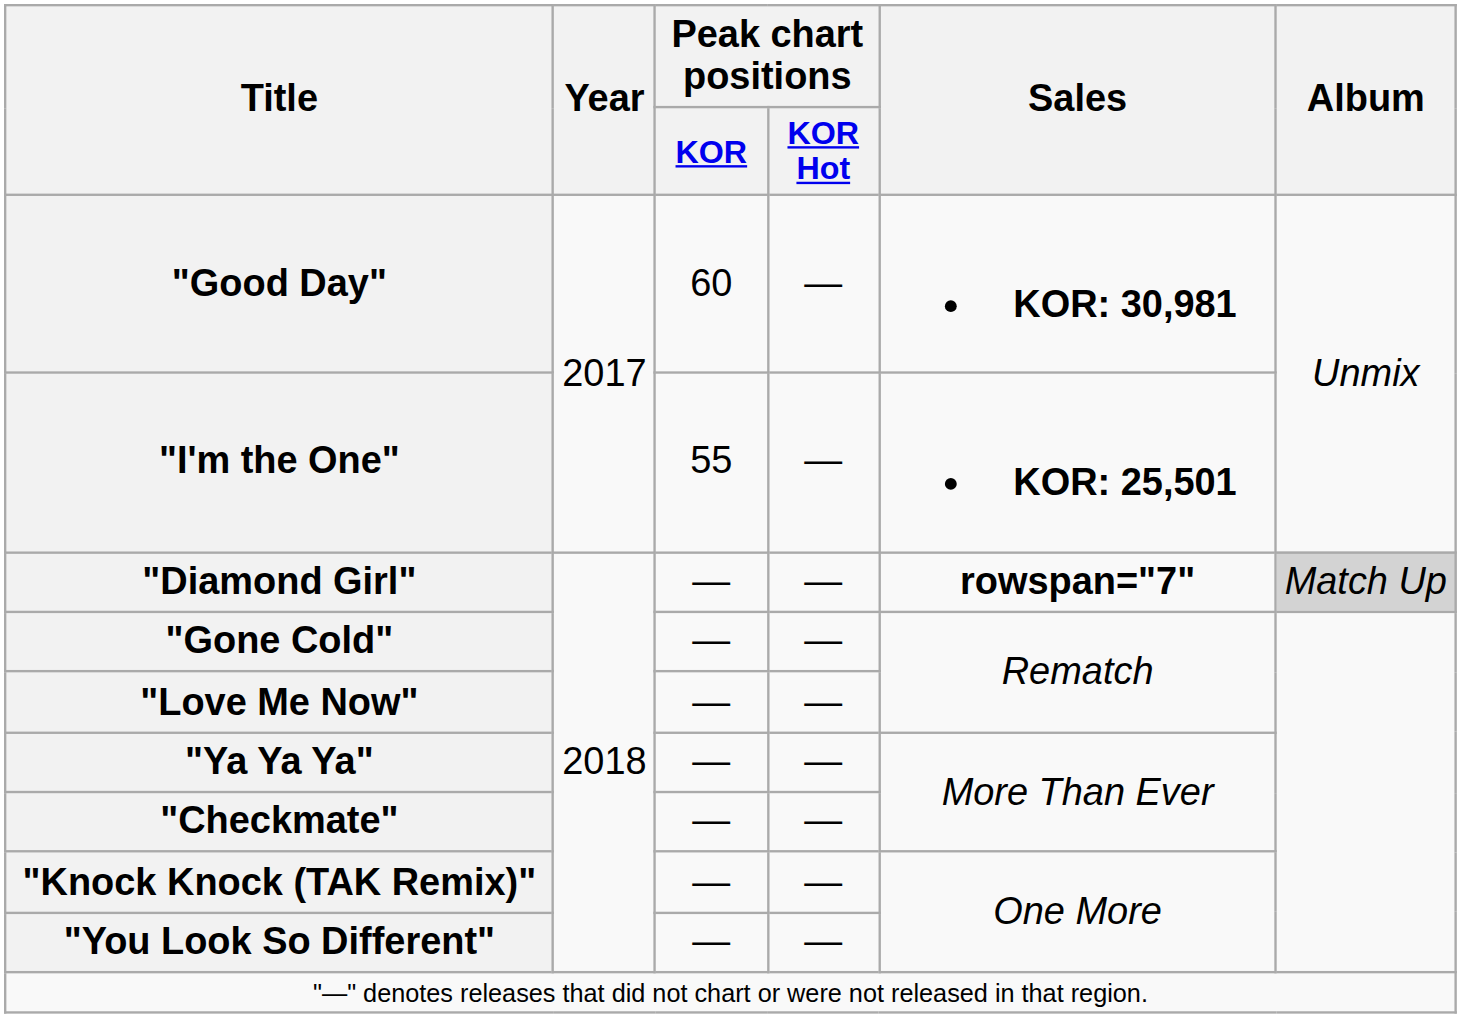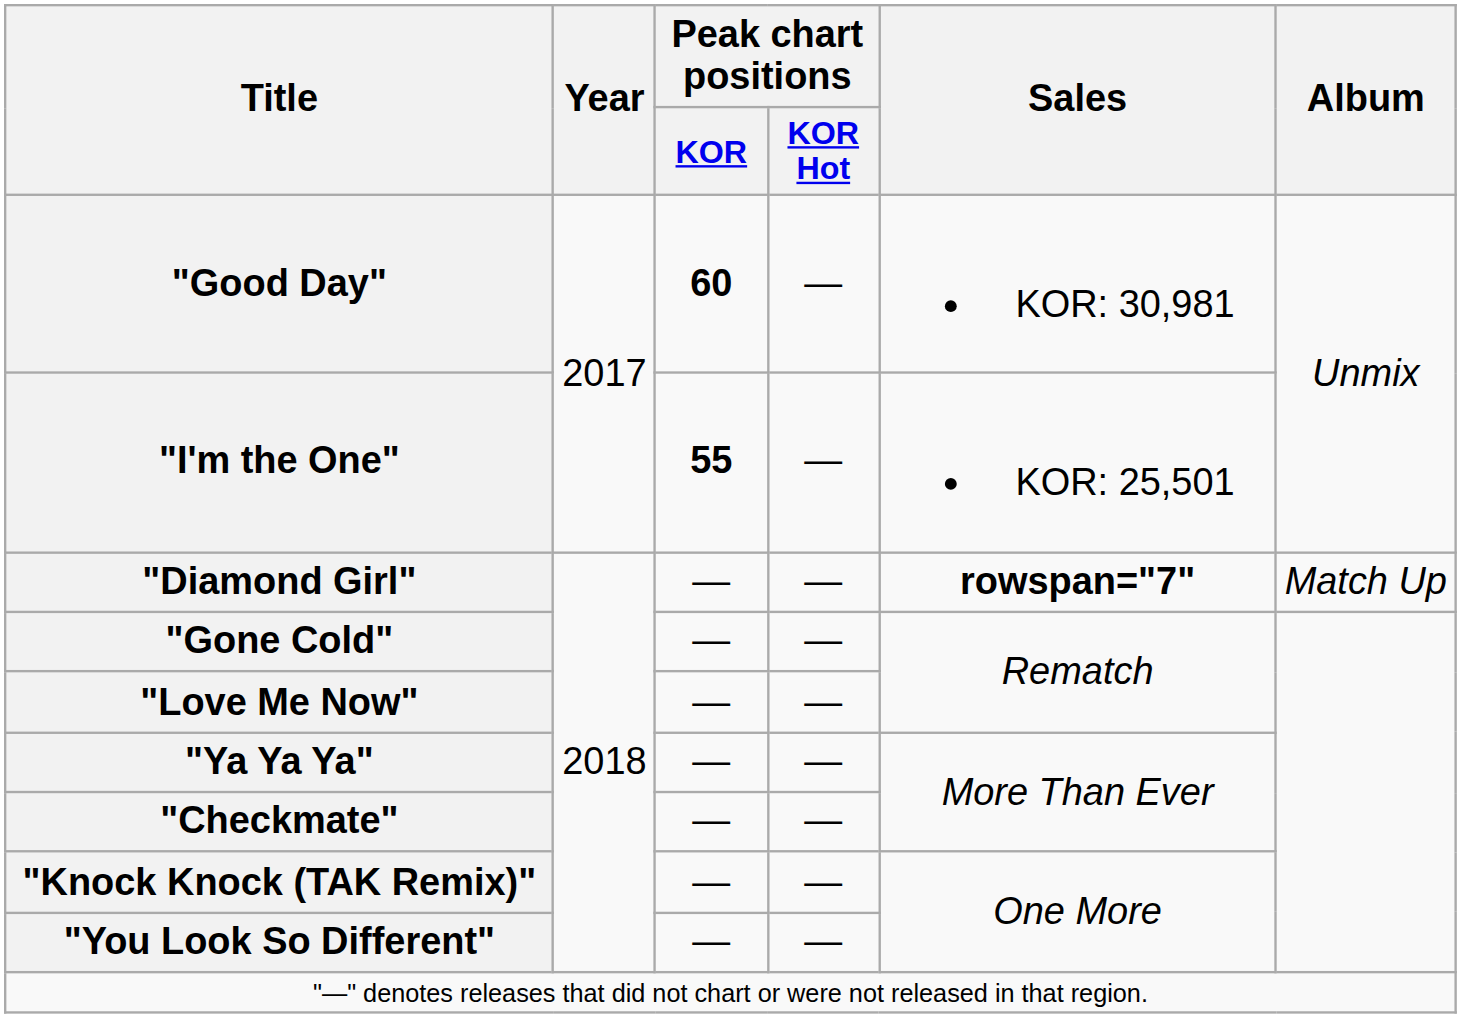 <table class="wikitable plainrowheaders" style="text-align:center;">
 <tr>
 <th scope="col" rowspan="2" style="width:14em;">Title</th>
 <th scope="col" rowspan="2">Year</th>
 <th scope="col" colspan="2">Peak chart positions</th>
 <th scope="col" rowspan="2" style="width:10em;">Sales</th>
 <th scope="col" rowspan="2">Album</th>
 </tr>
 <tr>
 <th scope="col" style="width:3em;font-size:85%;"><a href='#'>KOR</a><br></th>
 <th scope="col" style="width:3em;font-size:85%;"><a href='#'>KOR Hot</a></th>
 </tr>
 <tr>
 <th scope="row">"Good Day"</th>
 <td rowspan="2">2017</td>
-<td>60</td>
+<td><strong>60</strong></td>
 <td>—</td>
-<td><strong><br><ul><li>KOR: 30,981</li></ul></strong></td>
+<td><br><ul><li>KOR: 30,981</li></ul></td>
 <td rowspan="2"><em>Unmix</em></td>
 </tr>
 <tr>
 <th scope="row">"I'm the One"</th>
-<td>55</td>
+<td><strong>55</strong></td>
 <td>—</td>
-<td><strong><br><ul><li>KOR: 25,501</li></ul></strong></td>
+<td><br><ul><li>KOR: 25,501</li></ul></td>
 </tr>
 <tr>
 <th scope="row">"Diamond Girl"</th>
 <td rowspan="7">2018</td>
 <td>—</td>
 <td>—</td>
 <td><strong>rowspan="7" </strong></td>
-<td style="background: lightgrey;"><em>Match Up</em></td>
+<td><em>Match Up</em></td>
 </tr>
 <tr>
 <th scope="row">"Gone Cold"</th>
 <td>—</td>
 <td>—</td>
 <td rowspan="2"><em>Rematch</em></td>
 </tr>
 <tr>
 <th scope="row">"Love Me Now"</th>
 <td>—</td>
 <td>—</td>
 </tr>
 <tr>
 <th scope="row">"Ya Ya Ya"</th>
 <td>—</td>
 <td>—</td>
 <td rowspan="2"><em>More Than Ever</em></td>
 </tr>
 <tr>
 <th scope="row">"Checkmate"</th>
 <td>—</td>
 <td>—</td>
 </tr>
 <tr>
 <th scope="row">"Knock Knock (TAK Remix)"</th>
 <td>—</td>
 <td>—</td>
 <td rowspan="2"><em>One More</em></td>
 </tr>
 <tr>
 <th scope="row">"You Look So Different"</th>
 <td>—</td>
 <td>—</td>
 </tr>
 <tr>
 <td colspan="7" style="font-size:8pt">"—" denotes releases that did not chart or were not released in that region.</td>
 </tr>
 </table>
